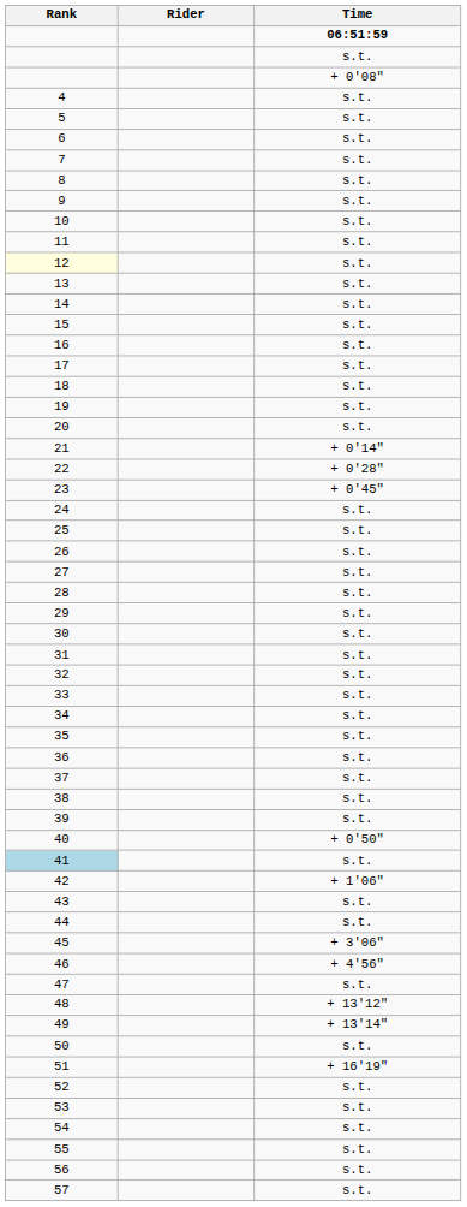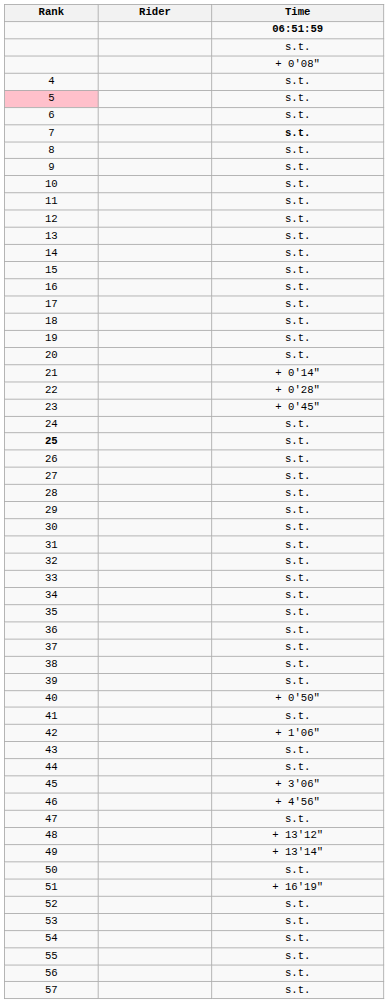 <table class="wikitable"  style="font-size:95%; width:50%;">
 <tr>
 <th>Rank</th>
 <th>Rider</th>
 <th>Time</th>
 </tr>
 <tr>
 <td style="text-align:center;"></td>
 <td></td>
 <td style="text-align:center;"><strong>06:51:59</strong></td>
 </tr>
 <tr>
 <td style="text-align:center;"></td>
 <td></td>
 <td style="text-align:center;">s.t.</td>
 </tr>
 <tr>
 <td style="text-align:center;"></td>
 <td></td>
 <td style="text-align:center;">+ 0'08"</td>
 </tr>
 <tr>
 <td style="text-align:center;">4</td>
 <td></td>
 <td style="text-align:center;">s.t.</td>
 </tr>
 <tr>
-<td style="text-align:center;">5</td>
+<td style="background: pink; text-align:center;">5</td>
 <td></td>
 <td style="text-align:center;">s.t.</td>
 </tr>
 <tr>
 <td style="text-align:center;">6</td>
 <td></td>
 <td style="text-align:center;">s.t.</td>
 </tr>
 <tr>
 <td style="text-align:center;">7</td>
 <td></td>
-<td style="text-align:center;">s.t.</td>
+<td style="text-align:center;"><strong>s.t.</strong></td>
 </tr>
 <tr>
 <td style="text-align:center;">8</td>
 <td></td>
 <td style="text-align:center;">s.t.</td>
 </tr>
 <tr>
 <td style="text-align:center;">9</td>
 <td></td>
 <td style="text-align:center;">s.t.</td>
 </tr>
 <tr>
 <td style="text-align:center;">10</td>
 <td></td>
 <td style="text-align:center;">s.t.</td>
 </tr>
 <tr>
 <td style="text-align:center;">11</td>
 <td></td>
 <td style="text-align:center;">s.t.</td>
 </tr>
 <tr>
-<td style="background: lightyellow; text-align:center;">12</td>
+<td style="text-align:center;">12</td>
 <td></td>
 <td style="text-align:center;">s.t.</td>
 </tr>
 <tr>
 <td style="text-align:center;">13</td>
 <td></td>
 <td style="text-align:center;">s.t.</td>
 </tr>
 <tr>
 <td style="text-align:center;">14</td>
 <td></td>
 <td style="text-align:center;">s.t.</td>
 </tr>
 <tr>
 <td style="text-align:center;">15</td>
 <td></td>
 <td style="text-align:center;">s.t.</td>
 </tr>
 <tr>
 <td style="text-align:center;">16</td>
 <td></td>
 <td style="text-align:center;">s.t.</td>
 </tr>
 <tr>
 <td style="text-align:center;">17</td>
 <td></td>
 <td style="text-align:center;">s.t.</td>
 </tr>
 <tr>
 <td style="text-align:center;">18</td>
 <td></td>
 <td style="text-align:center;">s.t.</td>
 </tr>
 <tr>
 <td style="text-align:center;">19</td>
 <td></td>
 <td style="text-align:center;">s.t.</td>
 </tr>
 <tr>
 <td style="text-align:center;">20</td>
 <td></td>
 <td style="text-align:center;">s.t.</td>
 </tr>
 <tr>
 <td style="text-align:center;">21</td>
 <td></td>
 <td style="text-align:center;">+ 0'14"</td>
 </tr>
 <tr>
 <td style="text-align:center;">22</td>
 <td></td>
 <td style="text-align:center;">+ 0'28"</td>
 </tr>
 <tr>
 <td style="text-align:center;">23</td>
 <td></td>
 <td style="text-align:center;">+ 0'45"</td>
 </tr>
 <tr>
 <td style="text-align:center;">24</td>
 <td></td>
 <td style="text-align:center;">s.t.</td>
 </tr>
 <tr>
-<td style="text-align:center;">25</td>
+<td style="text-align:center;"><strong>25</strong></td>
 <td></td>
 <td style="text-align:center;">s.t.</td>
 </tr>
 <tr>
 <td style="text-align:center;">26</td>
 <td></td>
 <td style="text-align:center;">s.t.</td>
 </tr>
 <tr>
 <td style="text-align:center;">27</td>
 <td></td>
 <td style="text-align:center;">s.t.</td>
 </tr>
 <tr>
 <td style="text-align:center;">28</td>
 <td></td>
 <td style="text-align:center;">s.t.</td>
 </tr>
 <tr>
 <td style="text-align:center;">29</td>
 <td></td>
 <td style="text-align:center;">s.t.</td>
 </tr>
 <tr>
 <td style="text-align:center;">30</td>
 <td></td>
 <td style="text-align:center;">s.t.</td>
 </tr>
 <tr>
 <td style="text-align:center;">31</td>
 <td></td>
 <td style="text-align:center;">s.t.</td>
 </tr>
 <tr>
 <td style="text-align:center;">32</td>
 <td></td>
 <td style="text-align:center;">s.t.</td>
 </tr>
 <tr>
 <td style="text-align:center;">33</td>
 <td></td>
 <td style="text-align:center;">s.t.</td>
 </tr>
 <tr>
 <td style="text-align:center;">34</td>
 <td></td>
 <td style="text-align:center;">s.t.</td>
 </tr>
 <tr>
 <td style="text-align:center;">35</td>
 <td></td>
 <td style="text-align:center;">s.t.</td>
 </tr>
 <tr>
 <td style="text-align:center;">36</td>
 <td></td>
 <td style="text-align:center;">s.t.</td>
 </tr>
 <tr>
 <td style="text-align:center;">37</td>
 <td></td>
 <td style="text-align:center;">s.t.</td>
 </tr>
 <tr>
 <td style="text-align:center;">38</td>
 <td></td>
 <td style="text-align:center;">s.t.</td>
 </tr>
 <tr>
 <td style="text-align:center;">39</td>
 <td></td>
 <td style="text-align:center;">s.t.</td>
 </tr>
 <tr>
 <td style="text-align:center;">40</td>
 <td></td>
 <td style="text-align:center;">+ 0'50"</td>
 </tr>
 <tr>
-<td style="background: lightblue; text-align:center;">41</td>
+<td style="text-align:center;">41</td>
 <td></td>
 <td style="text-align:center;">s.t.</td>
 </tr>
 <tr>
 <td style="text-align:center;">42</td>
 <td></td>
 <td style="text-align:center;">+ 1'06"</td>
 </tr>
 <tr>
 <td style="text-align:center;">43</td>
 <td></td>
 <td style="text-align:center;">s.t.</td>
 </tr>
 <tr>
 <td style="text-align:center;">44</td>
 <td></td>
 <td style="text-align:center;">s.t.</td>
 </tr>
 <tr>
 <td style="text-align:center;">45</td>
 <td></td>
 <td style="text-align:center;">+ 3'06"</td>
 </tr>
 <tr>
 <td style="text-align:center;">46</td>
 <td></td>
 <td style="text-align:center;">+ 4'56"</td>
 </tr>
 <tr>
 <td style="text-align:center;">47</td>
 <td></td>
 <td style="text-align:center;">s.t.</td>
 </tr>
 <tr>
 <td style="text-align:center;">48</td>
 <td></td>
 <td style="text-align:center;">+ 13'12"</td>
 </tr>
 <tr>
 <td style="text-align:center;">49</td>
 <td></td>
 <td style="text-align:center;">+ 13'14"</td>
 </tr>
 <tr>
 <td style="text-align:center;">50</td>
 <td></td>
 <td style="text-align:center;">s.t.</td>
 </tr>
 <tr>
 <td style="text-align:center;">51</td>
 <td></td>
 <td style="text-align:center;">+ 16'19"</td>
 </tr>
 <tr>
 <td style="text-align:center;">52</td>
 <td></td>
 <td style="text-align:center;">s.t.</td>
 </tr>
 <tr>
 <td style="text-align:center;">53</td>
 <td></td>
 <td style="text-align:center;">s.t.</td>
 </tr>
 <tr>
 <td style="text-align:center;">54</td>
 <td></td>
 <td style="text-align:center;">s.t.</td>
 </tr>
 <tr>
 <td style="text-align:center;">55</td>
 <td></td>
 <td style="text-align:center;">s.t.</td>
 </tr>
 <tr>
 <td style="text-align:center;">56</td>
 <td></td>
 <td style="text-align:center;">s.t.</td>
 </tr>
 <tr>
 <td style="text-align:center;">57</td>
 <td></td>
 <td style="text-align:center;">s.t.</td>
 </tr>
 </table>
